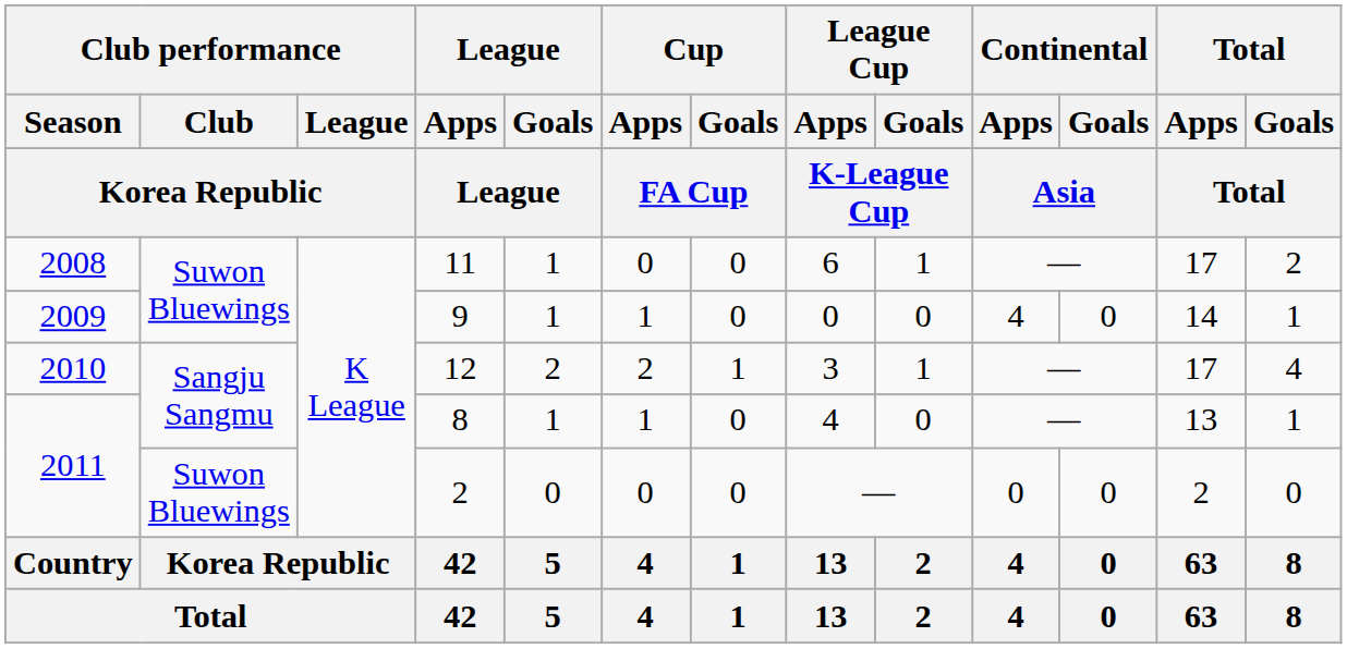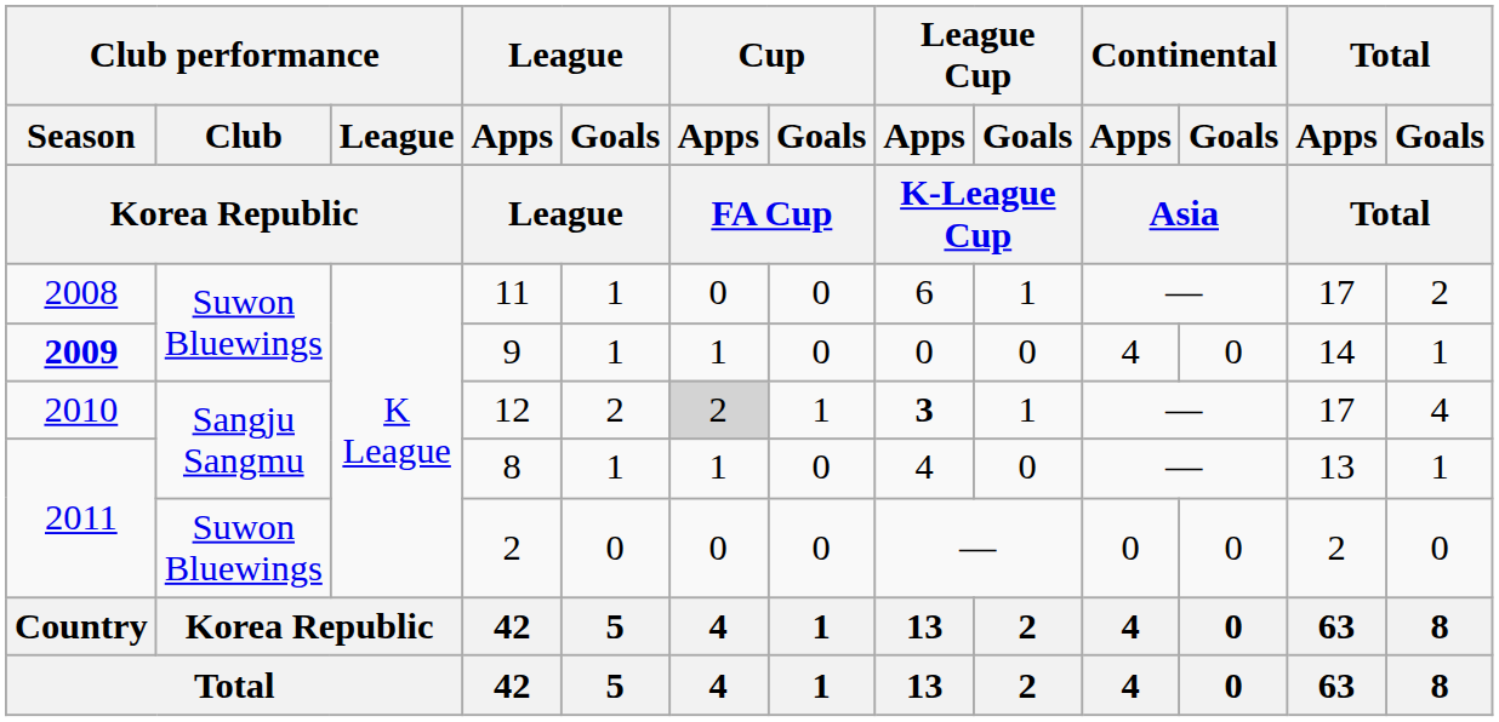 <table class="wikitable" style="text-align:center;">
 <tr>
 <th colspan=3>Club performance</th>
 <th colspan=2>League</th>
 <th colspan=2>Cup</th>
 <th colspan=2>League Cup</th>
 <th colspan=2>Continental</th>
 <th colspan=2>Total</th>
 </tr>
 <tr>
 <th>Season</th>
 <th>Club</th>
 <th>League</th>
 <th>Apps</th>
 <th>Goals</th>
 <th>Apps</th>
 <th>Goals</th>
 <th>Apps</th>
 <th>Goals</th>
 <th>Apps</th>
 <th>Goals</th>
 <th>Apps</th>
 <th>Goals</th>
 </tr>
 <tr>
 <th colspan=3>Korea Republic</th>
 <th colspan=2>League</th>
 <th colspan=2><a href='#'>FA Cup</a></th>
 <th colspan=2><a href='#'>K-League Cup</a></th>
 <th colspan=2><a href='#'>Asia</a></th>
 <th colspan=2>Total</th>
 </tr>
 <tr>
 <td><a href='#'>2008</a></td>
 <td rowspan="2"><a href='#'>Suwon Bluewings</a></td>
 <td rowspan="5"><a href='#'>K League</a></td>
 <td>11</td>
 <td>1</td>
 <td>0</td>
 <td>0</td>
 <td>6</td>
 <td>1</td>
 <td colspan="2">—</td>
 <td>17</td>
 <td>2</td>
 </tr>
 <tr>
-<td><a href='#'>2009</a></td>
+<td><strong><a href='#'>2009</a></strong></td>
 <td>9</td>
 <td>1</td>
 <td>1</td>
 <td>0</td>
 <td>0</td>
 <td>0</td>
 <td>4</td>
 <td>0</td>
 <td>14</td>
 <td>1</td>
 </tr>
 <tr>
 <td><a href='#'>2010</a></td>
 <td rowspan="2"><a href='#'>Sangju Sangmu</a></td>
 <td>12</td>
 <td>2</td>
-<td>2</td>
+<td style="background: lightgrey;">2</td>
 <td>1</td>
-<td>3</td>
+<td><strong>3</strong></td>
 <td>1</td>
 <td colspan="2">—</td>
 <td>17</td>
 <td>4</td>
 </tr>
 <tr>
 <td rowspan=2><a href='#'>2011</a></td>
 <td>8</td>
 <td>1</td>
 <td>1</td>
 <td>0</td>
 <td>4</td>
 <td>0</td>
 <td colspan="2">—</td>
 <td>13</td>
 <td>1</td>
 </tr>
 <tr>
 <td><a href='#'>Suwon Bluewings</a></td>
 <td>2</td>
 <td>0</td>
 <td>0</td>
 <td>0</td>
 <td colspan="2">—</td>
 <td>0</td>
 <td>0</td>
 <td>2</td>
 <td>0</td>
 </tr>
 <tr>
 <th rowspan=1>Country</th>
 <th colspan=2>Korea Republic</th>
 <th>42</th>
 <th>5</th>
 <th>4</th>
 <th>1</th>
 <th>13</th>
 <th>2</th>
 <th>4</th>
 <th>0</th>
 <th>63</th>
 <th>8</th>
 </tr>
 <tr>
 <th colspan=3>Total</th>
 <th>42</th>
 <th>5</th>
 <th>4</th>
 <th>1</th>
 <th>13</th>
 <th>2</th>
 <th>4</th>
 <th>0</th>
 <th>63</th>
 <th>8</th>
 </tr>
 </table>
